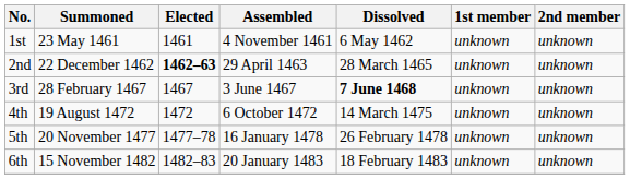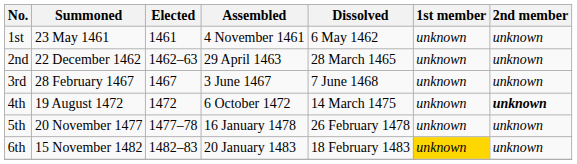 <table class="wikitable">
 <tr>
 <th>No.</th>
 <th>Summoned</th>
 <th>Elected</th>
 <th>Assembled</th>
 <th>Dissolved</th>
 <th>1st member</th>
 <th>2nd member</th>
 </tr>
 <tr>
 <td>1st</td>
 <td>23 May 1461</td>
 <td>1461</td>
 <td>4 November 1461</td>
 <td>6 May 1462</td>
 <td><em>unknown</em></td>
 <td><em>unknown</em></td>
 </tr>
 <tr>
 <td>2nd</td>
 <td>22 December 1462</td>
-<td><strong>1462–63</strong></td>
+<td>1462–63</td>
 <td>29 April 1463</td>
 <td>28 March 1465</td>
 <td><em>unknown</em></td>
 <td><em>unknown</em></td>
 </tr>
 <tr>
 <td>3rd</td>
 <td>28 February 1467</td>
 <td>1467</td>
 <td>3 June 1467</td>
-<td><strong>7 June 1468</strong></td>
+<td>7 June 1468</td>
 <td><em>unknown</em></td>
 <td><em>unknown</em></td>
 </tr>
 <tr>
 <td>4th</td>
 <td>19 August 1472</td>
 <td>1472</td>
 <td>6 October 1472</td>
 <td>14 March 1475</td>
 <td><em>unknown</em></td>
-<td><em>unknown</em></td>
+<td><strong><em>unknown</em></strong></td>
 </tr>
 <tr>
 <td>5th</td>
 <td>20 November 1477</td>
 <td>1477–78</td>
 <td>16 January 1478</td>
 <td>26 February 1478</td>
 <td><em>unknown</em></td>
 <td><em>unknown</em></td>
 </tr>
 <tr>
 <td>6th</td>
 <td>15 November 1482</td>
 <td>1482–83</td>
 <td>20 January 1483</td>
 <td>18 February 1483</td>
-<td><em>unknown</em></td>
+<td style="background: gold;"><em>unknown</em></td>
 <td><em>unknown</em></td>
 </tr>
 <tr>
 </tr>
 </table>
